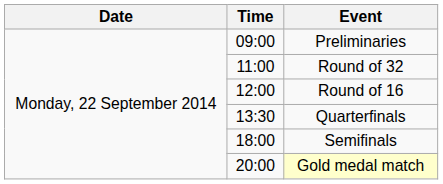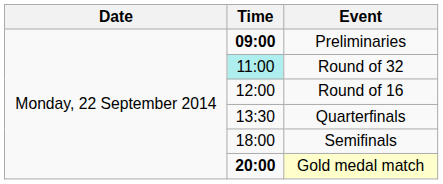 <table class = "wikitable" style="text-align:center;">
 <tr>
 <th width=220>Date</th>
 <th width=50>Time</th>
 <th width=150>Event</th>
 </tr>
 <tr>
 <td rowspan=6>Monday, 22 September 2014</td>
-<td>09:00</td>
+<td><strong>09:00</strong></td>
 <td>Preliminaries</td>
 </tr>
 <tr>
-<td>11:00</td>
+<td style="background: paleturquoise;">11:00</td>
 <td>Round of 32</td>
 </tr>
 <tr>
 <td>12:00</td>
 <td>Round of 16</td>
 </tr>
 <tr>
 <td>13:30</td>
 <td>Quarterfinals</td>
 </tr>
 <tr>
 <td>18:00</td>
 <td>Semifinals</td>
 </tr>
 <tr>
-<td>20:00</td>
+<td><strong>20:00</strong></td>
 <td bgcolor=ffffcc>Gold medal match</td>
 </tr>
 </table>
